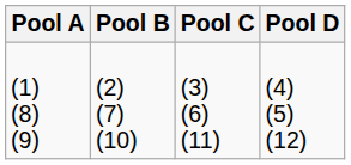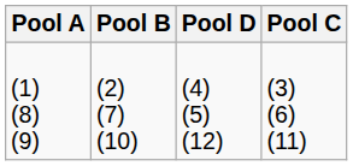 <table class="wikitable">
 <tr>
 <th width=25%><strong>Pool A</strong></th>
 <th width=25%><strong>Pool B</strong></th>
+<th width=25%><strong>Pool D</strong></th>
 <th width=25%><strong>Pool C</strong></th>
-<th width=25%><strong>Pool D</strong></th>
 </tr>
 <tr>
 <td><br> (1) <br>  (8) <br>  (9)</td>
 <td><br> (2) <br>  (7)<br>   (10)</td>
+<td><br> (4) <br>  (5) <br>  (12)</td>
 <td><br> (3) <br>   (6) <br>   (11)</td>
-<td><br> (4) <br>  (5) <br>  (12)</td>
 </tr>
 </table>
